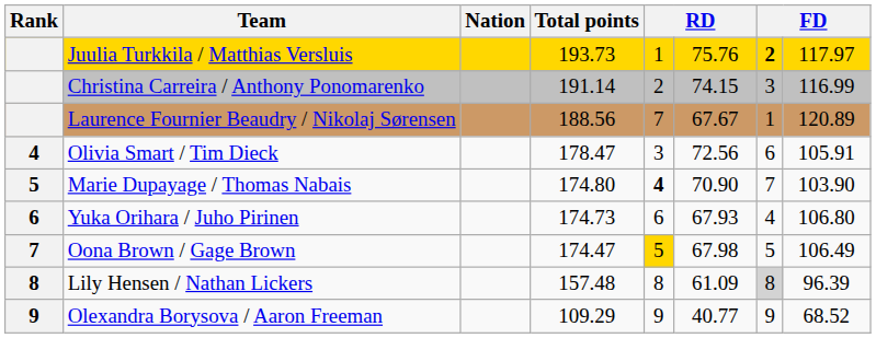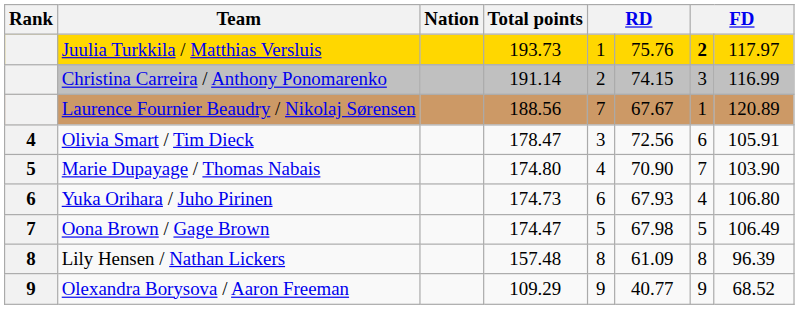 <table class="wikitable sortable" style="text-align:left">
 <tr>
 <th scope="col">Rank</th>
 <th scope="col">Team</th>
 <th scope="col">Nation</th>
 <th scope="col">Total points</th>
 <th scope="col" colspan="2" width="80px"><a href='#'>RD</a></th>
 <th scope="col" colspan="2" width="80px"><a href='#'>FD</a></th>
 </tr>
 <tr bgcolor="gold">
 <th scope="row"></th>
 <td><a href='#'>Juulia Turkkila</a> / <a href='#'>Matthias Versluis</a></td>
 <td></td>
 <td align="center">193.73</td>
 <td align="center">1</td>
 <td align="center">75.76</td>
 <td align="center"><strong>2</strong></td>
 <td align="center">117.97</td>
 </tr>
 <tr bgcolor="silver">
 <th scope="row"></th>
 <td><a href='#'>Christina Carreira</a> / <a href='#'>Anthony Ponomarenko</a></td>
 <td></td>
 <td align="center">191.14</td>
 <td align="center">2</td>
 <td align="center">74.15</td>
 <td align="center">3</td>
 <td align="center">116.99</td>
 </tr>
 <tr bgcolor="cc9966">
 <th scope="row"></th>
 <td><a href='#'>Laurence Fournier Beaudry</a> / <a href='#'>Nikolaj Sørensen</a></td>
 <td></td>
 <td align="center">188.56</td>
 <td align="center">7</td>
 <td align="center">67.67</td>
 <td align="center">1</td>
 <td align="center">120.89</td>
 </tr>
 <tr>
 <th scope="row">4</th>
 <td><a href='#'>Olivia Smart</a> / <a href='#'>Tim Dieck</a></td>
 <td></td>
 <td align="center">178.47</td>
 <td align="center">3</td>
 <td align="center">72.56</td>
 <td align="center">6</td>
 <td align="center">105.91</td>
 </tr>
 <tr>
 <th scope="row">5</th>
 <td><a href='#'>Marie Dupayage</a> / <a href='#'>Thomas Nabais</a></td>
 <td></td>
 <td align="center">174.80</td>
-<td align="center"><strong>4</strong></td>
+<td align="center">4</td>
 <td align="center">70.90</td>
 <td align="center">7</td>
 <td align="center">103.90</td>
 </tr>
 <tr>
 <th scope="row">6</th>
 <td><a href='#'>Yuka Orihara</a> / <a href='#'>Juho Pirinen</a></td>
 <td></td>
 <td align="center">174.73</td>
 <td align="center">6</td>
 <td align="center">67.93</td>
 <td align="center">4</td>
 <td align="center">106.80</td>
 </tr>
 <tr>
 <th scope="row">7</th>
 <td><a href='#'>Oona Brown</a> / <a href='#'>Gage Brown</a></td>
 <td></td>
 <td align="center">174.47</td>
-<td align="center" style="background: gold;">5</td>
+<td align="center">5</td>
 <td align="center">67.98</td>
 <td align="center">5</td>
 <td align="center">106.49</td>
 </tr>
 <tr>
 <th scope="row">8</th>
 <td>Lily Hensen / <a href='#'>Nathan Lickers</a></td>
 <td></td>
 <td align="center">157.48</td>
 <td align="center">8</td>
 <td align="center">61.09</td>
-<td align="center" style="background: lightgrey;">8</td>
+<td align="center">8</td>
 <td align="center">96.39</td>
 </tr>
 <tr>
 <th scope="row">9</th>
 <td><a href='#'>Olexandra Borysova</a> / <a href='#'>Aaron Freeman</a></td>
 <td></td>
 <td align="center">109.29</td>
 <td align="center">9</td>
 <td align="center">40.77</td>
 <td align="center">9</td>
 <td align="center">68.52</td>
 </tr>
 </table>
